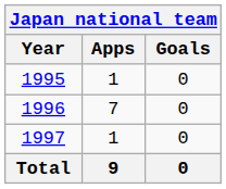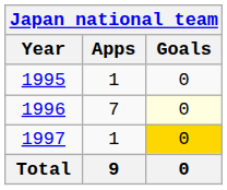 <table class="wikitable" style="text-align:center">
 <tr>
 <th colspan=3><a href='#'>Japan national team</a></th>
 </tr>
 <tr>
 <th>Year</th>
 <th>Apps</th>
 <th>Goals</th>
 </tr>
 <tr>
 <td><a href='#'>1995</a></td>
 <td>1</td>
 <td>0</td>
 </tr>
 <tr>
 <td><a href='#'>1996</a></td>
 <td>7</td>
-<td>0</td>
+<td style="background: lightyellow;">0</td>
 </tr>
 <tr>
 <td><a href='#'>1997</a></td>
 <td>1</td>
-<td>0</td>
+<td style="background: gold;">0</td>
 </tr>
 <tr>
 <th>Total</th>
 <th>9</th>
 <th>0</th>
 </tr>
 </table>
